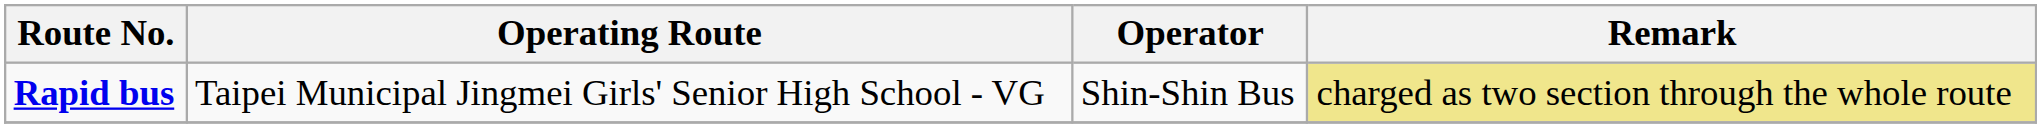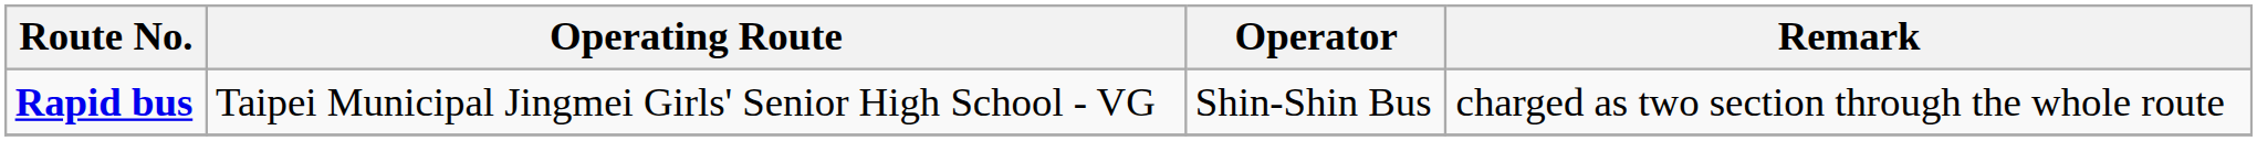 <table class="wikitable"  style="width:100%; margin:auto;">
 <tr>
 <th>Route No.</th>
 <th>Operating Route</th>
 <th>Operator</th>
 <th>Remark</th>
 </tr>
 <tr>
 <td><strong><a href='#'>Rapid bus</a></strong></td>
 <td>Taipei Municipal Jingmei Girls' Senior High School - VG</td>
 <td>Shin-Shin Bus</td>
-<td style="background: khaki;">charged as two section through the whole route</td>
+<td>charged as two section through the whole route</td>
 </tr>
 <tr>
 </tr>
 </table>
